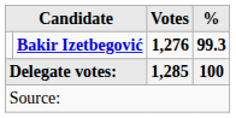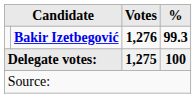 <table class="wikitable">
 <tr>
 <th style="background:#e9e9e9; text-align:center;" colspan="2">Candidate</th>
 <th style="background:#e9e9e9; text-align:center;">Votes</th>
 <th style="background:#e9e9e9; text-align:center;">%</th>
 </tr>
 <tr>
 <td style="background:"></td>
 <td style="text-align:left;"><strong><a href='#'>Bakir Izetbegović</a></strong></td>
 <td style="text-align:right;"><strong>1,276</strong></td>
 <td style="text-align:right;"><strong>99.3</strong></td>
 </tr>
 <tr style="background:#e9e9e9;">
 <td style="text-align:left;" colspan="2"><strong>Delegate votes:</strong></td>
-<th align= right>1,285</th>
+<th align= right>1,275</th>
 <th align= right>100</th>
 </tr>
 <tr>
 <td style="text-align:left;" colspan="7">Source: </td>
 </tr>
 </table>
